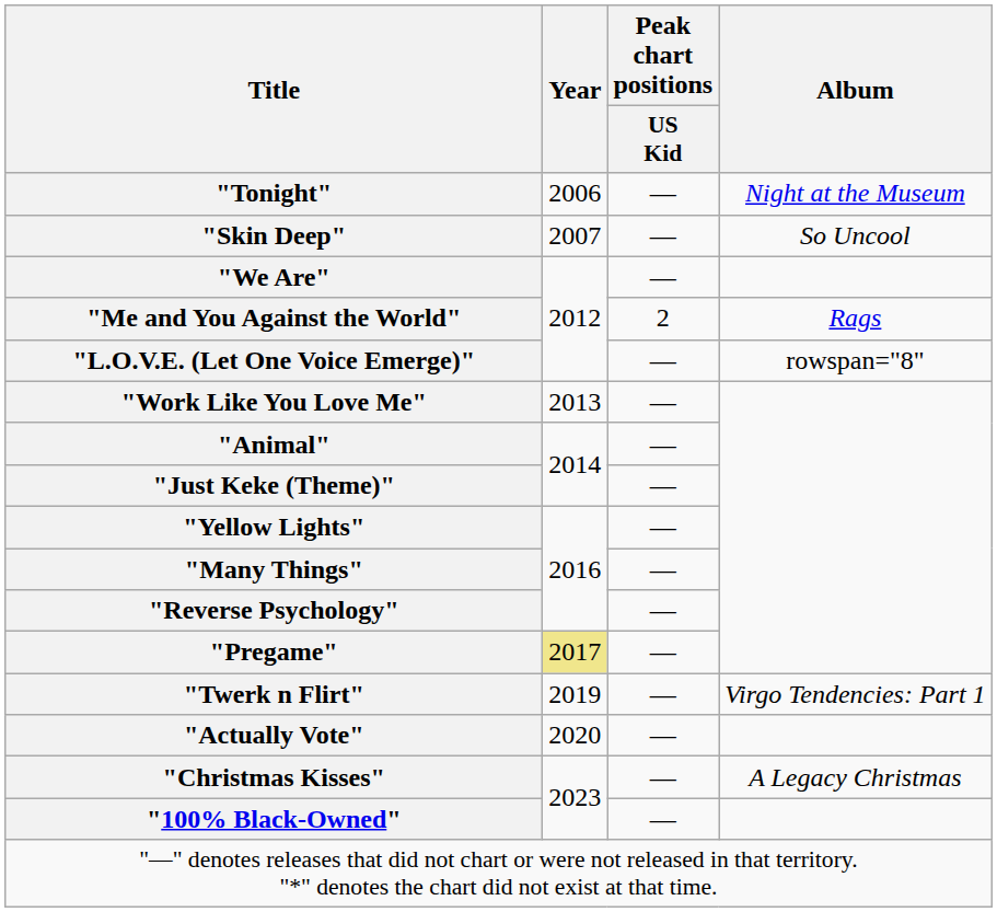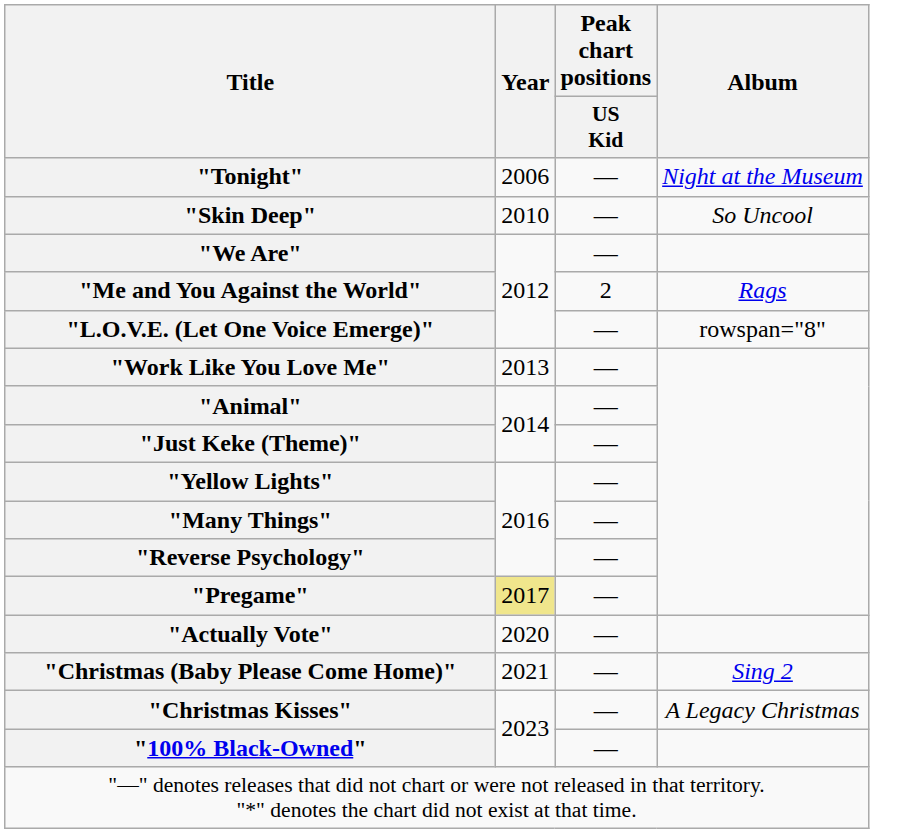 <table class="wikitable plainrowheaders" style="text-align:center;">
 <tr>
 <th rowspan="2" scope="col" style="width:20em;">Title</th>
 <th rowspan="2" scope="col">Year</th>
 <th scope="col">Peak chart positions</th>
 <th rowspan="2" scope="col">Album</th>
 </tr>
 <tr>
 <th scope="col" style="width:4em;font-size:90%;">US<br>Kid<br></th>
 </tr>
 <tr>
 <th scope="row">"Tonight"<br></th>
 <td>2006</td>
 <td>—</td>
 <td><em><a href='#'>Night at the Museum</a></em></td>
 </tr>
 <tr>
 <th scope="row">"Skin Deep"</th>
-<td>2007</td>
+<td>2010</td>
 <td>—</td>
 <td><em>So Uncool</em></td>
 </tr>
 <tr>
 <th scope="row">"We Are"</th>
 <td rowspan="3">2012</td>
 <td>—</td>
 <td></td>
 </tr>
 <tr>
 <th scope="row">"Me and You Against the World"<br></th>
 <td>2</td>
 <td><em><a href='#'>Rags</a></em></td>
 </tr>
 <tr>
 <th scope="row">"L.O.V.E. (Let One Voice Emerge)"<br></th>
 <td>—</td>
 <td>rowspan="8" </td>
 </tr>
 <tr>
 <th scope="row">"Work Like You Love Me"</th>
 <td>2013</td>
 <td>—</td>
 </tr>
 <tr>
 <th scope="row">"Animal"</th>
 <td rowspan="2">2014</td>
 <td>—</td>
 </tr>
 <tr>
 <th scope="row">"Just Keke (Theme)"</th>
 <td>—</td>
 </tr>
 <tr>
 <th scope="row">"Yellow Lights"</th>
 <td rowspan="3">2016</td>
 <td>—</td>
 </tr>
 <tr>
 <th scope="row">"Many Things"</th>
 <td>—</td>
 </tr>
 <tr>
 <th scope="row">"Reverse Psychology"</th>
 <td>—</td>
 </tr>
 <tr>
 <th scope="row">"Pregame"</th>
 <td style="background: khaki;">2017</td>
 <td>—</td>
 </tr>
 <tr>
-<th scope="row">"Twerk n Flirt"</th>
-<td>2019</td>
-<td>—</td>
-<td><em>Virgo Tendencies: Part 1</em></td>
-</tr>
-<tr>
 <th scope="row">"Actually Vote"</th>
 <td>2020</td>
 <td>—</td>
 <td></td>
+</tr>
+<tr>
+<th scope="row">"Christmas (Baby Please Come Home)"<br></th>
+<td>2021</td>
+<td>—</td>
+<td><em><a href='#'>Sing 2</a></em></td>
 </tr>
 <tr>
 <th scope="row">"Christmas Kisses" <br></th>
 <td rowspan="2">2023</td>
 <td>—</td>
 <td><em>A Legacy Christmas</em></td>
 </tr>
 <tr>
 <th scope="row">"<a href='#'>100% Black-Owned</a>" <br></th>
 <td>—</td>
 <td></td>
 </tr>
 <tr>
 <td colspan="4" style="text-align:center; font-size:90%;">"—" denotes releases that did not chart or were not released in that territory.<br>"*" denotes the chart did not exist at that time.</td>
 </tr>
 </table>
